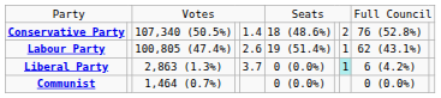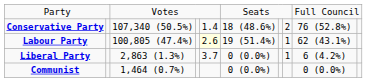 <table class=wikitable style="text-align:center;">
 <tr>
 <td colspan=2>Party</td>
 <td colspan=3>Votes</td>
 <td colspan=3>Seats</td>
 <td colspan=3>Full Council</td>
 </tr>
 <tr>
 <td><strong><a href='#'>Conservative Party</a></strong></td>
 <td style="background:"></td>
 <td>107,340 (50.5%)</td>
 <td></td>
 <td> 1.4</td>
 <td>18 (48.6%)</td>
 <td></td>
 <td> 2</td>
 <td>76 (52.8%)</td>
 <td></td>
 </tr>
 <tr>
 <td><strong><a href='#'>Labour Party</a></strong></td>
 <td style="background:"></td>
 <td>100,805 (47.4%)</td>
 <td></td>
-<td> 2.6</td>
+<td style="background: lightyellow;"> 2.6</td>
 <td>19 (51.4%)</td>
 <td></td>
 <td> 1</td>
 <td>62 (43.1%)</td>
 <td></td>
 </tr>
 <tr>
 <td><strong><a href='#'>Liberal Party</a></strong></td>
 <td style="background:"></td>
 <td>2,863 (1.3%)</td>
 <td></td>
 <td> 3.7</td>
 <td>0 (0.0%)</td>
 <td></td>
-<td style="background: paleturquoise;"> 1</td>
+<td> 1</td>
 <td>6 (4.2%)</td>
 <td></td>
 </tr>
 <tr>
 <td><strong><a href='#'>Communist</a></strong></td>
 <td style="background:"></td>
 <td>1,464 (0.7%)</td>
 <td></td>
 <td></td>
 <td>0 (0.0%)</td>
 <td></td>
 <td></td>
 <td>0 (0.0%)</td>
 <td></td>
 </tr>
 </table>
